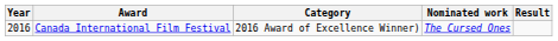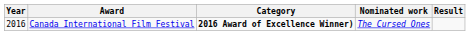 <table class="wikitable sortable">
 <tr>
 <th>Year</th>
 <th>Award</th>
 <th>Category</th>
 <th>Nominated work</th>
 <th>Result</th>
 </tr>
 <tr>
 <td rowspan=2>2016</td>
 <td rowspan=2><a href='#'>Canada International Film Festival</a></td>
-<td>2016 Award of Excellence Winner)</td>
+<td><strong>2016 Award of Excellence Winner)</strong></td>
 <td><em><a href='#'>The Cursed Ones</a></em></td>
 <td></td>
 </tr>
 </table>
